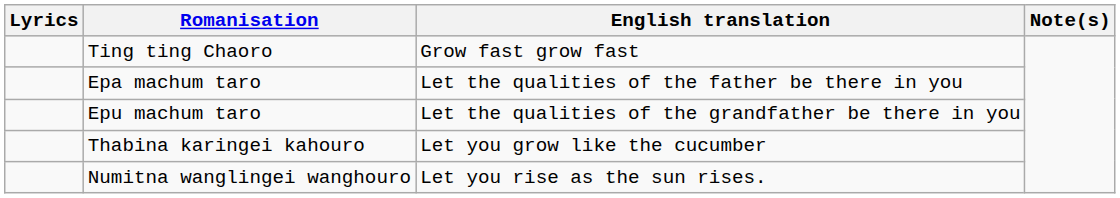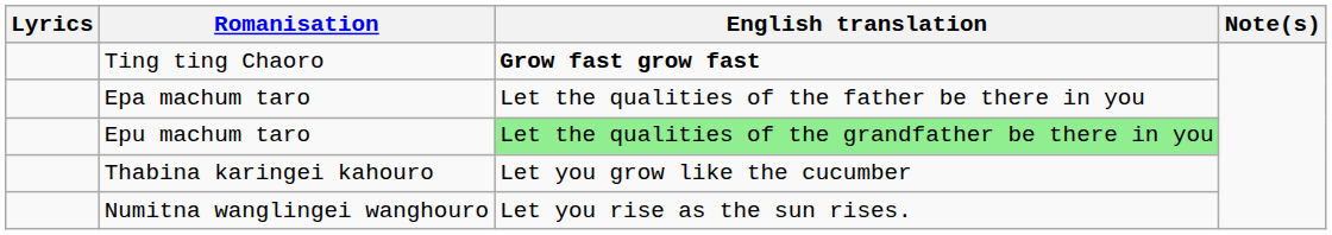 <table class="wikitable">
 <tr>
 <th>Lyrics</th>
 <th><a href='#'>Romanisation</a></th>
 <th>English translation</th>
 <th>Note(s)</th>
 </tr>
 <tr>
 <td></td>
 <td>Ting ting Chaoro</td>
-<td>Grow fast grow fast</td>
+<td><strong>Grow fast grow fast</strong></td>
 <td rowspan="5"></td>
 </tr>
 <tr>
 <td></td>
 <td>Epa machum taro</td>
 <td>Let the qualities of the father be there in you</td>
 </tr>
 <tr>
 <td></td>
 <td>Epu machum taro</td>
-<td>Let the qualities of the grandfather be there in you</td>
+<td style="background: lightgreen;">Let the qualities of the grandfather be there in you</td>
 </tr>
 <tr>
 <td></td>
 <td>Thabina karingei kahouro</td>
 <td>Let you grow like the cucumber</td>
 </tr>
 <tr>
 <td></td>
 <td>Numitna wanglingei wanghouro</td>
 <td>Let you rise as the sun rises.</td>
 </tr>
 </table>
